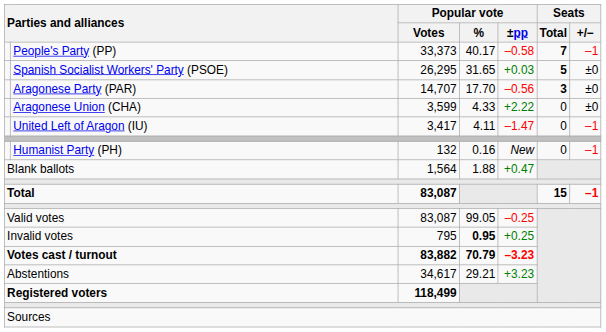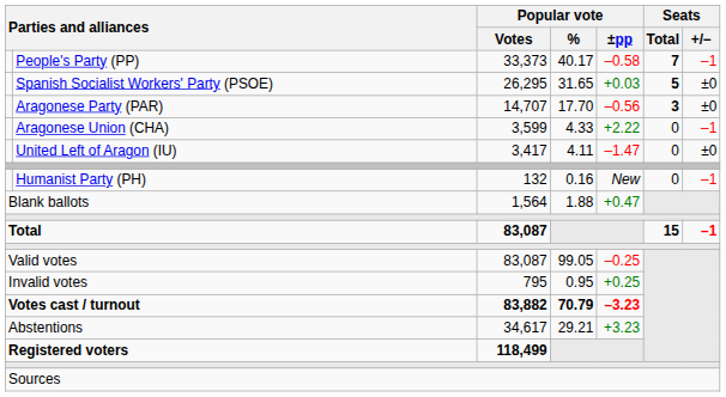 <table class="wikitable" style="text-align:right;">
 <tr>
 <th style="text-align:left;" rowspan="2" colspan="2" width="525">Parties and alliances</th>
 <th colspan="3">Popular vote</th>
 <th colspan="2">Seats</th>
 </tr>
 <tr>
 <th width="75">Votes</th>
 <th width="45">%</th>
 <th width="45">±<a href='#'>pp</a></th>
 <th width="35">Total</th>
 <th width="35">+/−</th>
 </tr>
 <tr>
 <td width="1" style="color:inherit;background:"></td>
 <td align="left"><a href='#'>People's Party</a> (PP)</td>
 <td>33,373</td>
 <td>40.17</td>
 <td style="color:red;">–0.58</td>
 <td><strong>7</strong></td>
 <td style="color:red;">–1</td>
 </tr>
 <tr>
 <td style="color:inherit;background:"></td>
 <td align="left"><a href='#'>Spanish Socialist Workers' Party</a> (PSOE)</td>
 <td>26,295</td>
 <td>31.65</td>
 <td style="color:green;">+0.03</td>
 <td><strong>5</strong></td>
 <td>±0</td>
 </tr>
 <tr>
 <td style="color:inherit;background:"></td>
 <td align="left"><a href='#'>Aragonese Party</a> (PAR)</td>
 <td>14,707</td>
 <td>17.70</td>
 <td style="color:red;">–0.56</td>
 <td><strong>3</strong></td>
 <td>±0</td>
 </tr>
 <tr>
 <td style="color:inherit;background:"></td>
 <td align="left"><a href='#'>Aragonese Union</a> (CHA)</td>
 <td>3,599</td>
 <td>4.33</td>
 <td style="color:green;">+2.22</td>
 <td>0</td>
-<td>±0</td>
+<td style="color:red;">–1</td>
 </tr>
 <tr>
 <td style="color:inherit;background:"></td>
 <td align="left"><a href='#'>United Left of Aragon</a> (IU)</td>
 <td>3,417</td>
 <td>4.11</td>
 <td style="color:red;">–1.47</td>
 <td>0</td>
-<td style="color:red;">–1</td>
+<td>±0</td>
 </tr>
 <tr>
 <td colspan="7" bgcolor="#C0C0C0"></td>
 </tr>
 <tr>
 <td style="color:inherit;background:"></td>
 <td align="left"><a href='#'>Humanist Party</a> (PH)</td>
 <td>132</td>
 <td>0.16</td>
 <td><em>New</em></td>
 <td>0</td>
 <td style="color:red;">–1</td>
 </tr>
 <tr>
 <td align="left" colspan="2">Blank ballots</td>
 <td>1,564</td>
 <td>1.88</td>
 <td style="color:green;">+0.47</td>
 <td bgcolor="#E9E9E9" colspan="2"></td>
 </tr>
 <tr>
 <td colspan="7" bgcolor="#E9E9E9"></td>
 </tr>
 <tr style="font-weight:bold;">
 <td align="left" colspan="2">Total</td>
 <td>83,087</td>
 <td bgcolor="#E9E9E9" colspan="2"></td>
 <td>15</td>
 <td style="color:red;">–1</td>
 </tr>
 <tr>
 <td colspan="7" bgcolor="#E9E9E9"></td>
 </tr>
 <tr>
 <td align="left" colspan="2">Valid votes</td>
 <td>83,087</td>
 <td>99.05</td>
 <td style="color:red;">–0.25</td>
 <td bgcolor="#E9E9E9" colspan="2" rowspan="5"></td>
 </tr>
 <tr>
 <td align="left" colspan="2">Invalid votes</td>
 <td>795</td>
-<td><strong>0.95</strong></td>
+<td>0.95</td>
 <td style="color:green;">+0.25</td>
 </tr>
 <tr style="font-weight:bold;">
 <td align="left" colspan="2">Votes cast / turnout</td>
 <td>83,882</td>
 <td>70.79</td>
 <td style="color:red;">–3.23</td>
 </tr>
 <tr>
 <td align="left" colspan="2">Abstentions</td>
 <td>34,617</td>
 <td>29.21</td>
 <td style="color:green;">+3.23</td>
 </tr>
 <tr style="font-weight:bold;">
 <td align="left" colspan="2">Registered voters</td>
 <td>118,499</td>
 <td bgcolor="#E9E9E9" colspan="2"></td>
 </tr>
 <tr>
 <td colspan="7" bgcolor="#E9E9E9"></td>
 </tr>
 <tr>
 <td align="left" colspan="7">Sources</td>
 </tr>
 </table>
